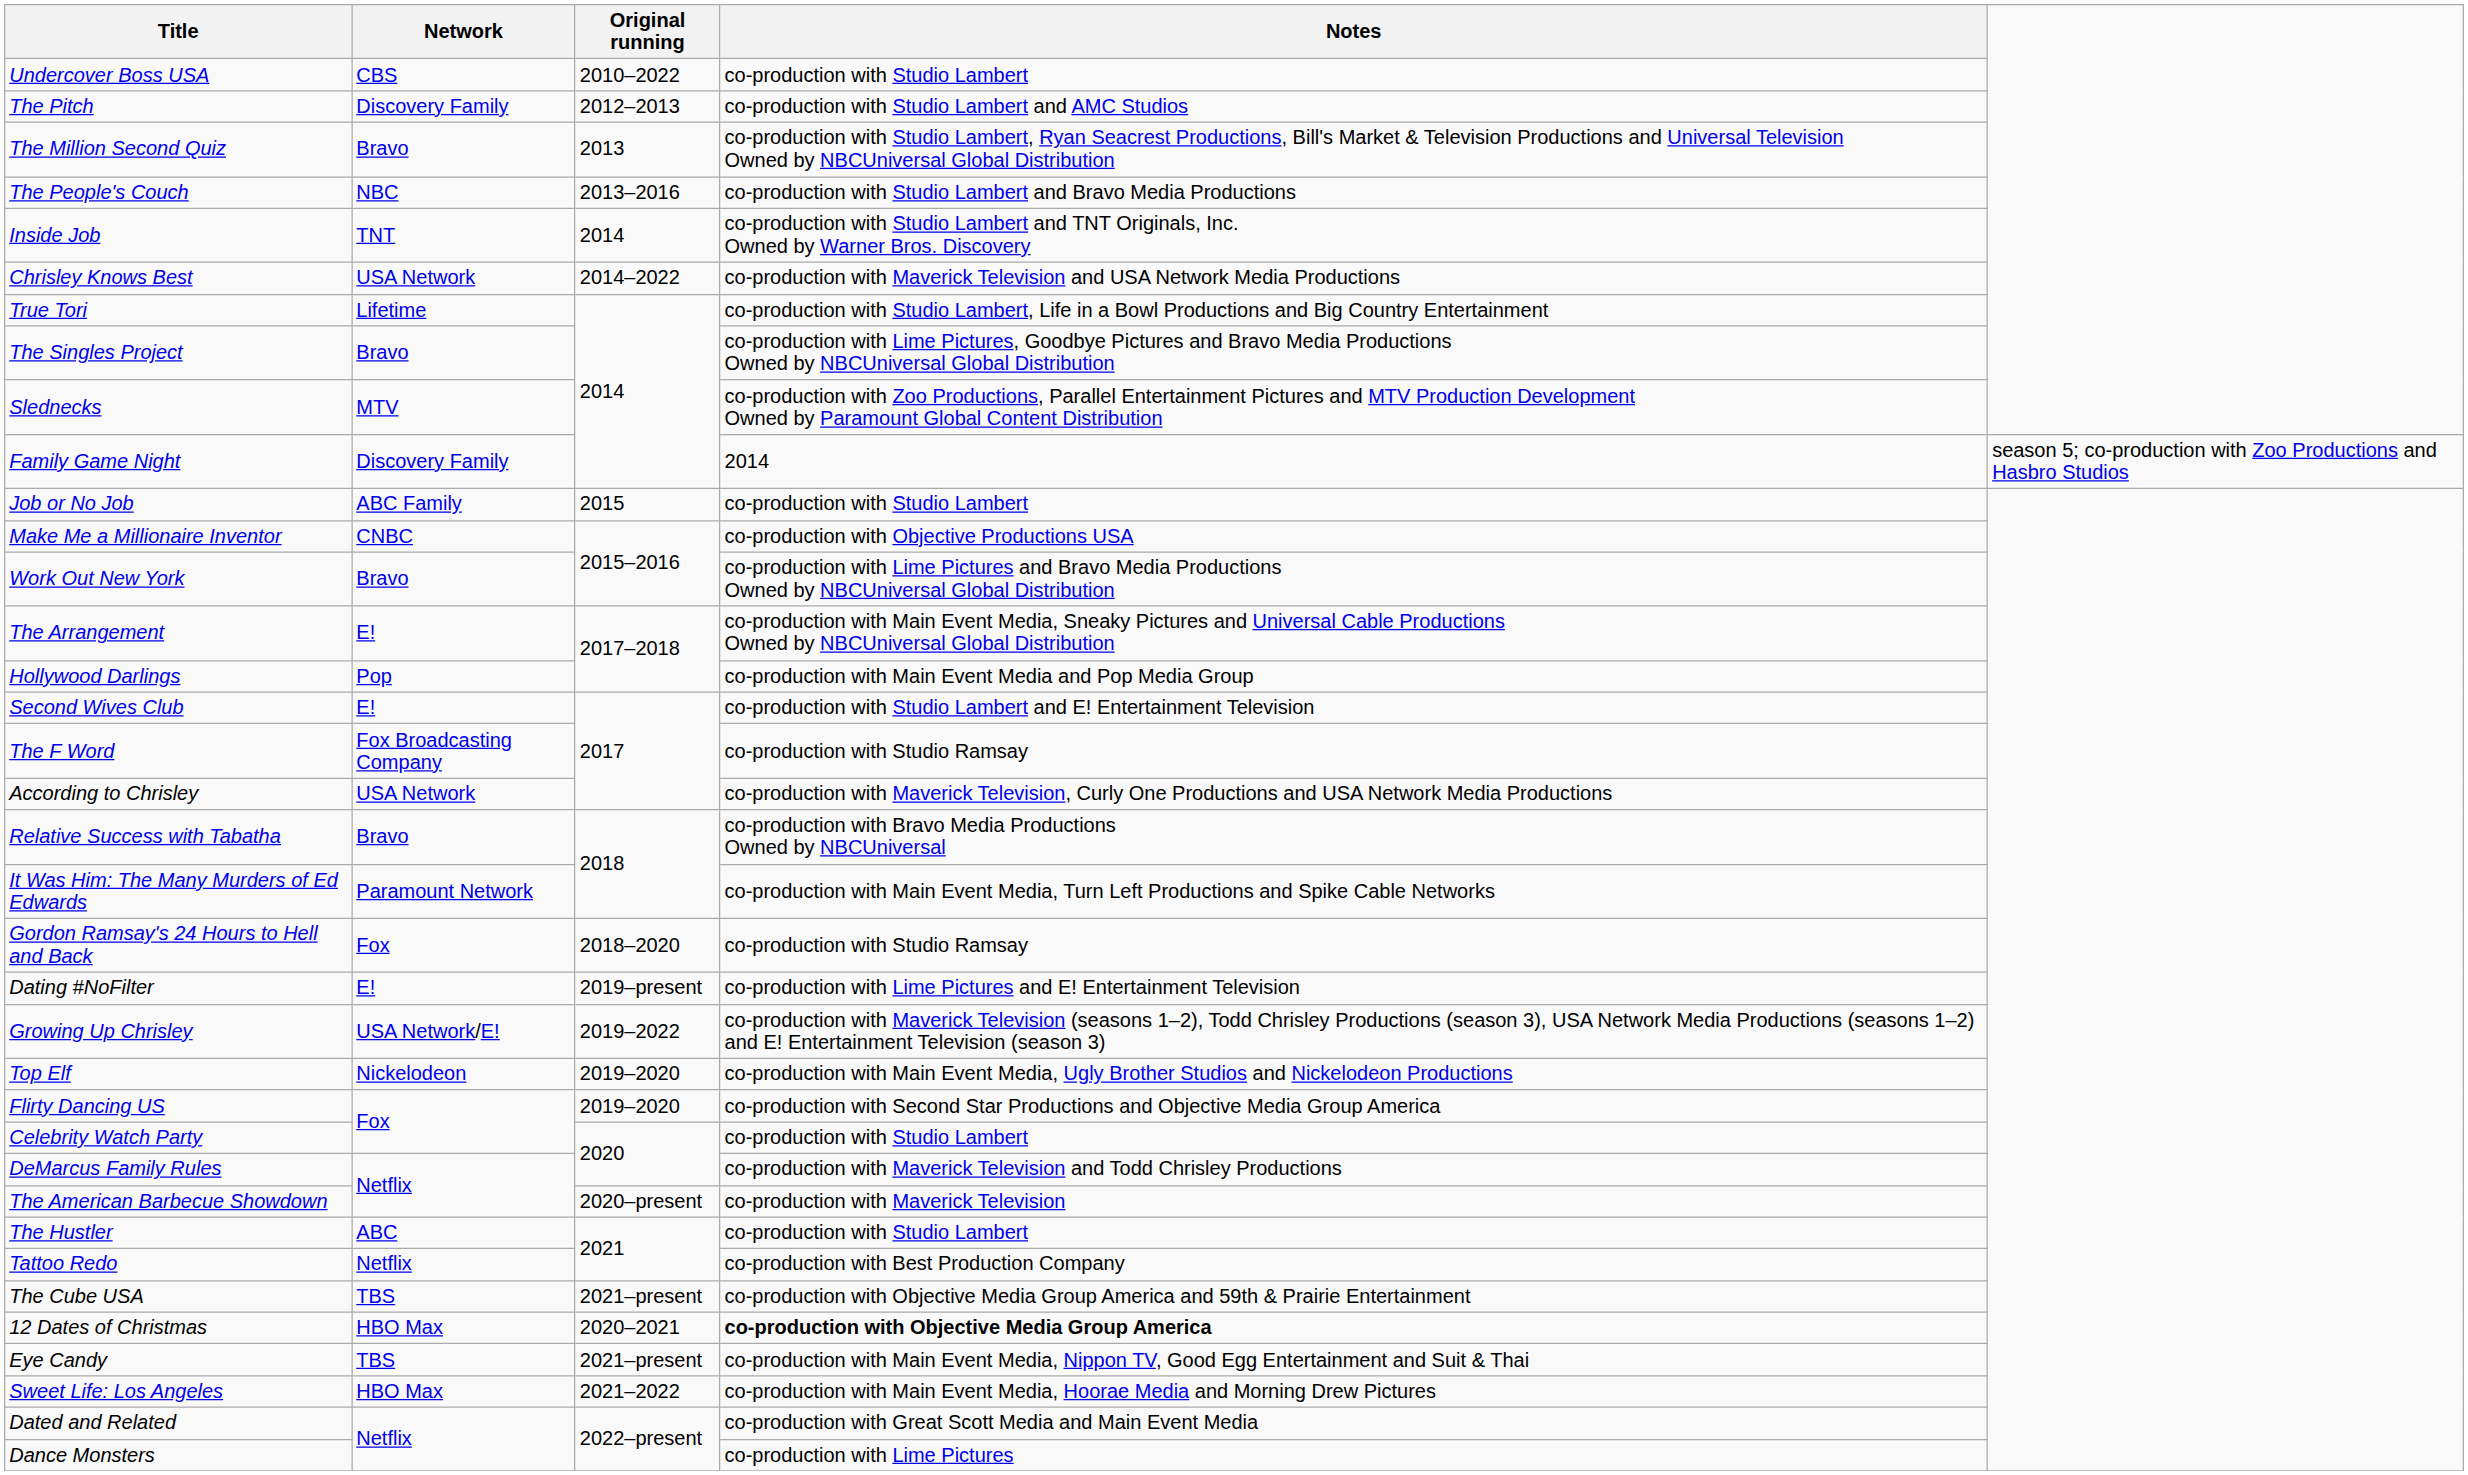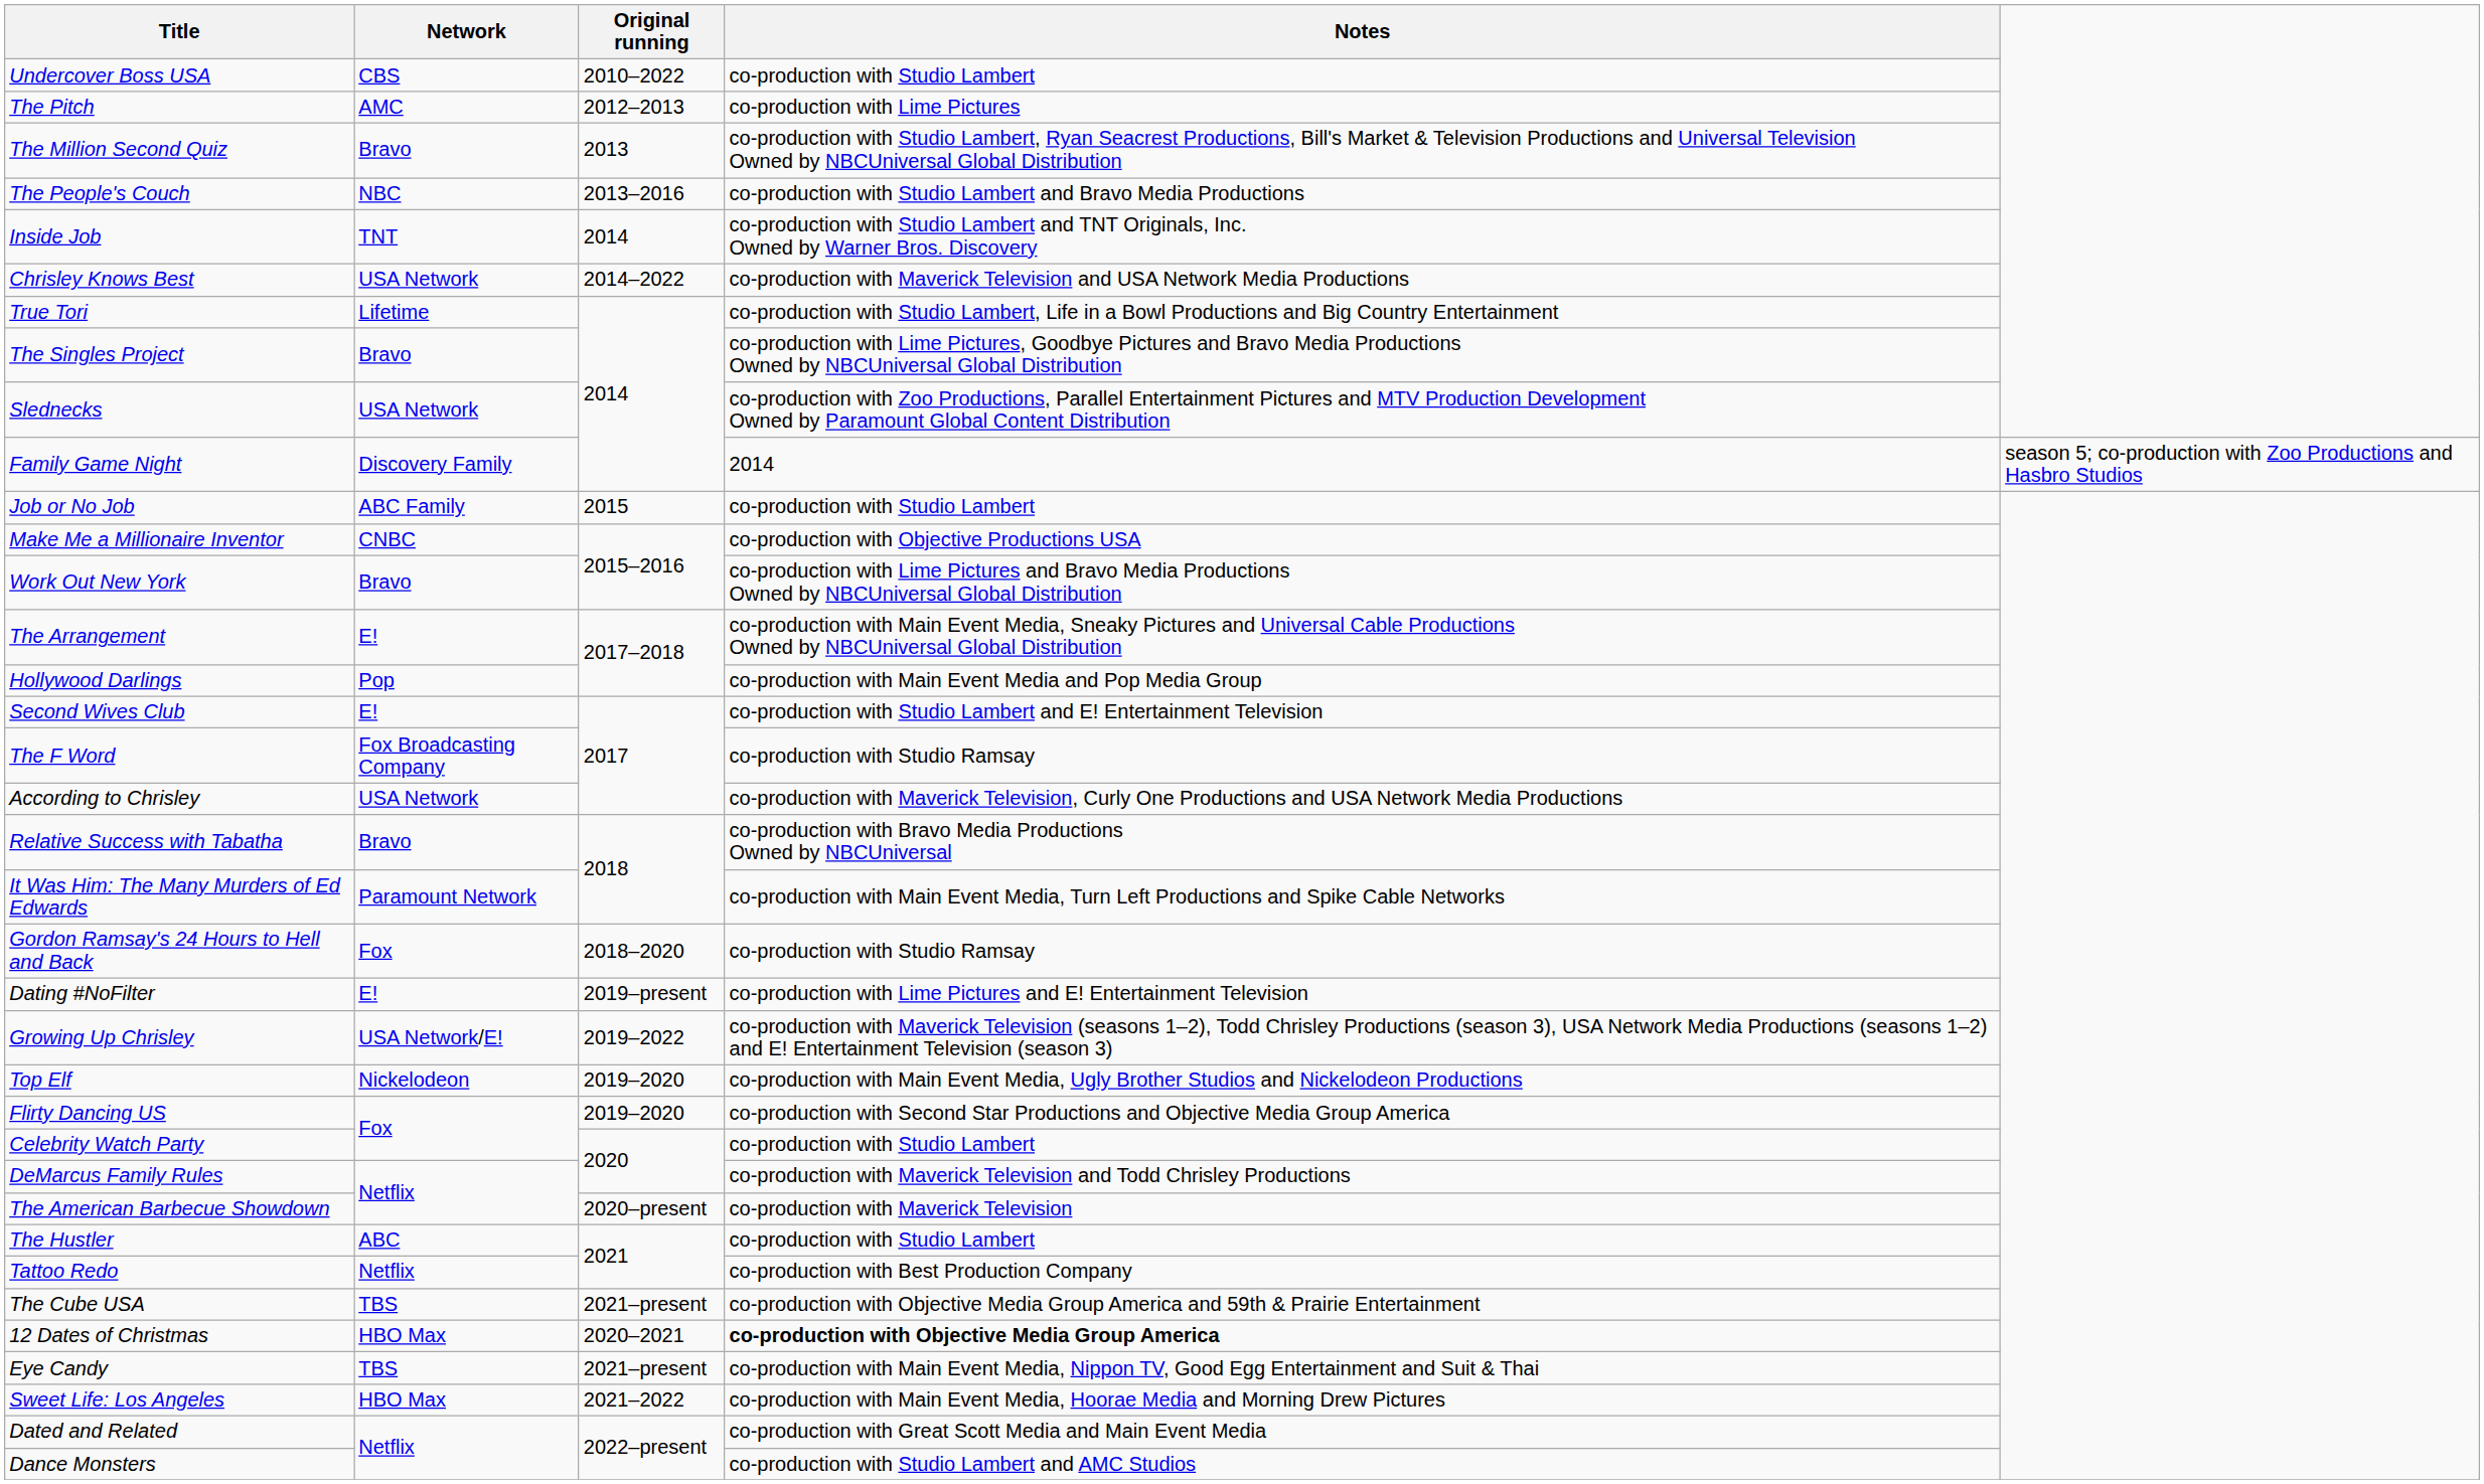 <table class="wikitable sortable">
 <tr>
 <th>Title</th>
 <th>Network</th>
 <th>Original running</th>
 <th>Notes</th>
 </tr>
 <tr>
 <td><em><a href='#'>Undercover Boss USA</a></em></td>
 <td><a href='#'>CBS</a></td>
 <td>2010–2022</td>
 <td>co-production with <a href='#'>Studio Lambert</a></td>
 </tr>
 <tr>
 <td><em><a href='#'>The Pitch</a></em></td>
-<td><a href='#'>Discovery Family</a></td>
+<td><a href='#'>AMC</a></td>
 <td>2012–2013</td>
-<td>co-production with <a href='#'>Studio Lambert</a> and <a href='#'>AMC Studios</a></td>
+<td>co-production with <a href='#'>Lime Pictures</a></td>
 </tr>
 <tr>
 <td><em><a href='#'>The Million Second Quiz</a></em></td>
 <td><a href='#'>Bravo</a></td>
 <td>2013</td>
 <td>co-production with <a href='#'>Studio Lambert</a>, <a href='#'>Ryan Seacrest Productions</a>, Bill's Market & Television Productions and <a href='#'>Universal Television</a><br>Owned by <a href='#'>NBCUniversal Global Distribution</a></td>
 </tr>
 <tr>
 <td><em><a href='#'>The People's Couch</a></em></td>
 <td><a href='#'>NBC</a></td>
 <td>2013–2016</td>
 <td>co-production with <a href='#'>Studio Lambert</a> and Bravo Media Productions</td>
 </tr>
 <tr>
 <td><em><a href='#'>Inside Job</a></em></td>
 <td><a href='#'>TNT</a></td>
 <td>2014</td>
 <td>co-production with <a href='#'>Studio Lambert</a> and TNT Originals, Inc.<br>Owned by <a href='#'>Warner Bros. Discovery</a></td>
 </tr>
 <tr>
 <td><em><a href='#'>Chrisley Knows Best</a></em></td>
 <td><a href='#'>USA Network</a></td>
 <td>2014–2022</td>
 <td>co-production with <a href='#'>Maverick Television</a> and USA Network Media Productions</td>
 </tr>
 <tr>
 <td><em><a href='#'>True Tori</a></em></td>
 <td><a href='#'>Lifetime</a></td>
 <td rowspan="4">2014</td>
 <td>co-production with <a href='#'>Studio Lambert</a>, Life in a Bowl Productions and Big Country Entertainment</td>
 </tr>
 <tr>
 <td><em><a href='#'>The Singles Project</a></em></td>
 <td><a href='#'>Bravo</a></td>
 <td>co-production with <a href='#'>Lime Pictures</a>, Goodbye Pictures and Bravo Media Productions<br>Owned by <a href='#'>NBCUniversal Global Distribution</a></td>
 </tr>
 <tr>
 <td><em><a href='#'>Slednecks</a></em></td>
-<td><a href='#'>MTV</a></td>
+<td><a href='#'>USA Network</a></td>
 <td>co-production with <a href='#'>Zoo Productions</a>, Parallel Entertainment Pictures and <a href='#'>MTV Production Development</a><br>Owned by <a href='#'>Paramount Global Content Distribution</a></td>
 </tr>
 <tr>
 <td><em><a href='#'>Family Game Night</a></em></td>
 <td><a href='#'>Discovery Family</a></td>
 <td>2014</td>
 <td>season 5; co-production with <a href='#'>Zoo Productions</a> and <a href='#'>Hasbro Studios</a></td>
 </tr>
 <tr>
 <td><em><a href='#'>Job or No Job</a></em></td>
 <td><a href='#'>ABC Family</a></td>
 <td>2015</td>
 <td>co-production with <a href='#'>Studio Lambert</a></td>
 </tr>
 <tr>
 <td><em><a href='#'>Make Me a Millionaire Inventor</a></em></td>
 <td><a href='#'>CNBC</a></td>
 <td rowspan="2">2015–2016</td>
 <td>co-production with <a href='#'>Objective Productions USA</a></td>
 </tr>
 <tr>
 <td><em><a href='#'>Work Out New York</a></em></td>
 <td><a href='#'>Bravo</a></td>
 <td>co-production with <a href='#'>Lime Pictures</a> and Bravo Media Productions<br>Owned by <a href='#'>NBCUniversal Global Distribution</a></td>
 </tr>
 <tr>
 <td><em><a href='#'>The Arrangement</a></em></td>
 <td><a href='#'>E!</a></td>
 <td rowspan="2">2017–2018</td>
 <td>co-production with Main Event Media, Sneaky Pictures and <a href='#'>Universal Cable Productions</a><br>Owned by <a href='#'>NBCUniversal Global Distribution</a></td>
 </tr>
 <tr>
 <td><em><a href='#'>Hollywood Darlings</a></em></td>
 <td><a href='#'>Pop</a></td>
 <td>co-production with Main Event Media and Pop Media Group</td>
 </tr>
 <tr>
 <td><em><a href='#'>Second Wives Club</a></em></td>
 <td><a href='#'>E!</a></td>
 <td rowspan="3">2017</td>
 <td>co-production with <a href='#'>Studio Lambert</a> and E! Entertainment Television</td>
 </tr>
 <tr>
 <td><em><a href='#'>The F Word</a></em></td>
 <td><a href='#'>Fox Broadcasting Company</a></td>
 <td>co-production with Studio Ramsay</td>
 </tr>
 <tr>
 <td><em>According to Chrisley</em></td>
 <td><a href='#'>USA Network</a></td>
 <td>co-production with <a href='#'>Maverick Television</a>, Curly One Productions and USA Network Media Productions</td>
 </tr>
 <tr>
 <td><em><a href='#'>Relative Success with Tabatha</a></em></td>
 <td><a href='#'>Bravo</a></td>
 <td rowspan="2">2018</td>
 <td>co-production with Bravo Media Productions<br>Owned by <a href='#'>NBCUniversal</a></td>
 </tr>
 <tr>
 <td><em><a href='#'>It Was Him: The Many Murders of Ed Edwards</a></em></td>
 <td><a href='#'>Paramount Network</a></td>
 <td>co-production with Main Event Media, Turn Left Productions and Spike Cable Networks</td>
 </tr>
 <tr>
 <td><em><a href='#'>Gordon Ramsay's 24 Hours to Hell and Back</a></em></td>
 <td><a href='#'>Fox</a></td>
 <td>2018–2020</td>
 <td>co-production with Studio Ramsay</td>
 </tr>
 <tr>
 <td><em>Dating #NoFilter</em></td>
 <td><a href='#'>E!</a></td>
 <td>2019–present</td>
 <td>co-production with <a href='#'>Lime Pictures</a> and E! Entertainment Television</td>
 </tr>
 <tr>
 <td><em><a href='#'>Growing Up Chrisley</a></em></td>
 <td><a href='#'>USA Network</a>/<a href='#'>E!</a></td>
 <td>2019–2022</td>
 <td>co-production with <a href='#'>Maverick Television</a> (seasons 1–2), Todd Chrisley Productions (season 3), USA Network Media Productions (seasons 1–2) and E! Entertainment Television (season 3)</td>
 </tr>
 <tr>
 <td><em><a href='#'>Top Elf</a></em></td>
 <td><a href='#'>Nickelodeon</a></td>
 <td>2019–2020</td>
 <td>co-production with Main Event Media, <a href='#'>Ugly Brother Studios</a> and <a href='#'>Nickelodeon Productions</a></td>
 </tr>
 <tr>
 <td><em><a href='#'>Flirty Dancing US</a></em></td>
 <td rowspan="2"><a href='#'>Fox</a></td>
 <td>2019–2020</td>
 <td>co-production with Second Star Productions and Objective Media Group America</td>
 </tr>
 <tr>
 <td><em><a href='#'>Celebrity Watch Party</a></em></td>
 <td rowspan="2">2020</td>
 <td>co-production with <a href='#'>Studio Lambert</a></td>
 </tr>
 <tr>
 <td><em><a href='#'>DeMarcus Family Rules</a></em></td>
 <td rowspan="2"><a href='#'>Netflix</a></td>
 <td>co-production with <a href='#'>Maverick Television</a> and Todd Chrisley Productions</td>
 </tr>
 <tr>
 <td><em><a href='#'>The American Barbecue Showdown</a></em></td>
 <td>2020–present</td>
 <td>co-production with <a href='#'>Maverick Television</a></td>
 </tr>
 <tr>
 <td><em><a href='#'>The Hustler</a></em></td>
 <td><a href='#'>ABC</a></td>
 <td rowspan="2">2021</td>
 <td>co-production with <a href='#'>Studio Lambert</a></td>
 </tr>
 <tr>
 <td><em><a href='#'>Tattoo Redo</a></em></td>
 <td><a href='#'>Netflix</a></td>
 <td>co-production with Best Production Company</td>
 </tr>
 <tr>
 <td><em>The Cube USA</em></td>
 <td><a href='#'>TBS</a></td>
 <td>2021–present</td>
 <td>co-production with Objective Media Group America and 59th & Prairie Entertainment</td>
 </tr>
 <tr>
 <td><em>12 Dates of Christmas</em></td>
 <td><a href='#'>HBO Max</a></td>
 <td>2020–2021</td>
 <td><strong>co-production with Objective Media Group America</strong></td>
 </tr>
 <tr>
 <td><em>Eye Candy</em></td>
 <td><a href='#'>TBS</a></td>
 <td>2021–present</td>
 <td>co-production with Main Event Media, <a href='#'>Nippon TV</a>, Good Egg Entertainment and Suit & Thai</td>
 </tr>
 <tr>
 <td><em><a href='#'>Sweet Life: Los Angeles</a></em></td>
 <td><a href='#'>HBO Max</a></td>
 <td>2021–2022</td>
 <td>co-production with Main Event Media, <a href='#'>Hoorae Media</a> and Morning Drew Pictures</td>
 </tr>
 <tr>
 <td><em>Dated and Related</em></td>
 <td rowspan="2"><a href='#'>Netflix</a></td>
 <td rowspan="2">2022–present</td>
 <td>co-production with Great Scott Media and Main Event Media</td>
 </tr>
 <tr>
 <td><em>Dance Monsters</em></td>
-<td>co-production with <a href='#'>Lime Pictures</a></td>
+<td>co-production with <a href='#'>Studio Lambert</a> and <a href='#'>AMC Studios</a></td>
 </tr>
 </table>
